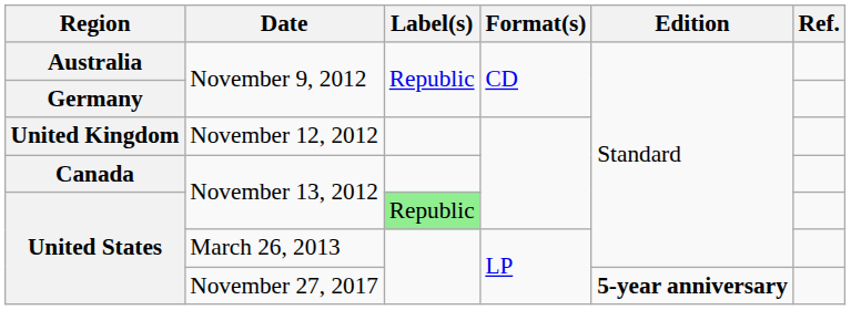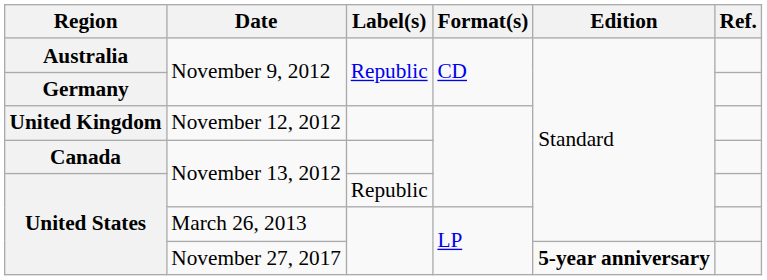 <table class="wikitable plainrowheaders">
 <tr>
 <th scope="col">Region</th>
 <th scope="col">Date</th>
 <th scope="col">Label(s)</th>
 <th scope="col">Format(s)</th>
 <th scope="col">Edition</th>
 <th scope="col">Ref.</th>
 </tr>
 <tr>
 <th scope="row">Australia</th>
 <td rowspan="2">November 9, 2012</td>
 <td rowspan="2"><a href='#'>Republic</a></td>
 <td rowspan="2"><a href='#'>CD</a></td>
 <td rowspan="6">Standard</td>
 <td></td>
 </tr>
 <tr>
 <th scope="row">Germany</th>
 <td></td>
 </tr>
 <tr>
 <th scope="row">United Kingdom</th>
 <td>November 12, 2012</td>
 <td></td>
 <td rowspan="3"></td>
 <td></td>
 </tr>
 <tr>
 <th scope="row">Canada</th>
 <td rowspan="2">November 13, 2012</td>
 <td></td>
 <td></td>
 </tr>
 <tr>
 <th scope="row" rowspan="3">United States</th>
-<td style="background: lightgreen;">Republic</td>
+<td>Republic</td>
 <td></td>
 </tr>
 <tr>
 <td>March 26, 2013</td>
 <td rowspan="2"></td>
 <td rowspan="2"><a href='#'>LP</a></td>
 <td></td>
 </tr>
 <tr>
 <td>November 27, 2017</td>
 <td><strong>5-year anniversary</strong></td>
 <td></td>
 </tr>
 </table>
